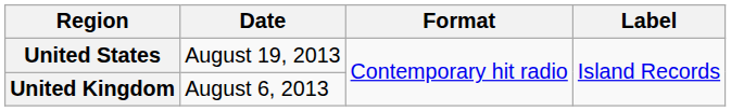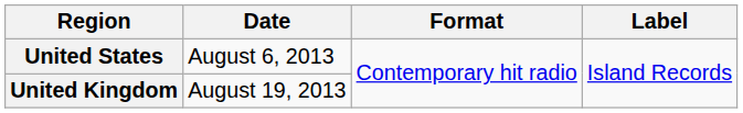 <table class="wikitable plainrowheaders">
 <tr>
 <th>Region</th>
 <th>Date</th>
 <th>Format</th>
 <th>Label</th>
 </tr>
 <tr>
 <th scope="row">United States</th>
-<td>August 19, 2013</td>
+<td>August 6, 2013</td>
 <td rowspan="2"><a href='#'>Contemporary hit radio</a></td>
 <td rowspan="2"><a href='#'>Island Records</a></td>
 </tr>
 <tr>
 <th scope="row">United Kingdom</th>
-<td>August 6, 2013</td>
+<td>August 19, 2013</td>
 </tr>
 </table>
